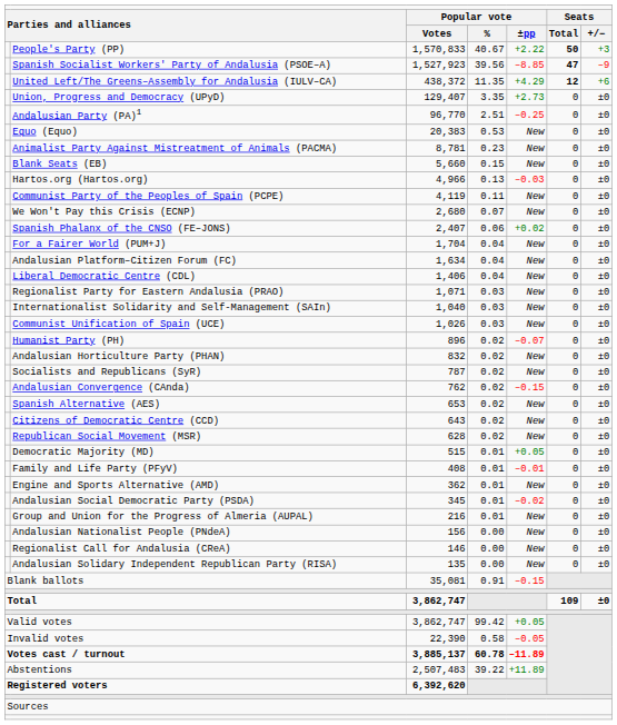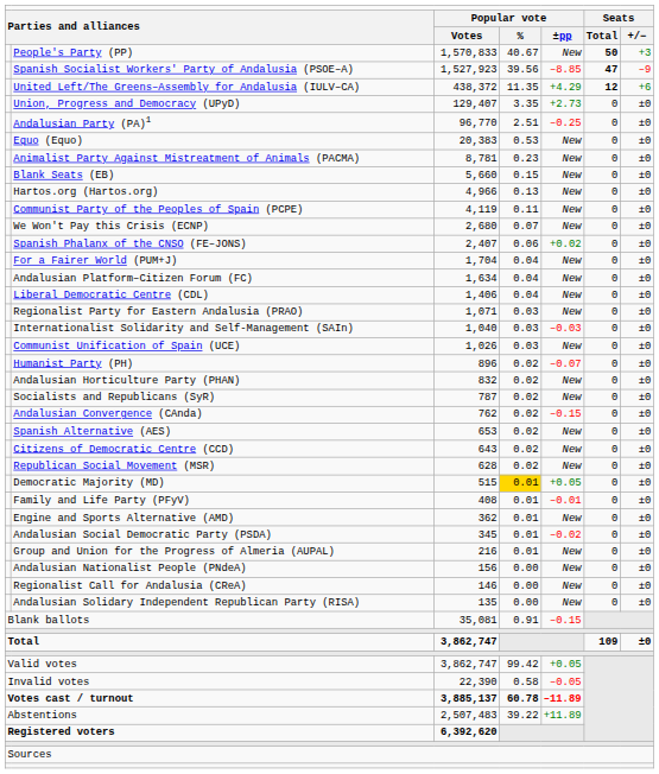 <table class="wikitable" style="text-align:right;">
 <tr>
 <td colspan="7"></td>
 </tr>
 <tr>
 <th style="text-align:left;" rowspan="2" colspan="2" width="525">Parties and alliances</th>
 <th colspan="3">Popular vote</th>
 <th colspan="2">Seats</th>
 </tr>
 <tr>
 <th width="75">Votes</th>
 <th width="45">%</th>
 <th width="45">±<a href='#'>pp</a></th>
 <th width="35">Total</th>
 <th width="35">+/−</th>
 </tr>
 <tr>
 <td width="1" style="color:inherit;background:"></td>
 <td align="left"><a href='#'>People's Party</a> (PP)</td>
 <td>1,570,833</td>
 <td>40.67</td>
-<td style="color:green;">+2.22</td>
+<td><em>New</em></td>
 <td><strong>50</strong></td>
 <td style="color:green;">+3</td>
 </tr>
 <tr>
 <td style="color:inherit;background:"></td>
 <td align="left"><a href='#'>Spanish Socialist Workers' Party of Andalusia</a> (PSOE–A)</td>
 <td>1,527,923</td>
 <td>39.56</td>
 <td style="color:red;">–8.85</td>
 <td><strong>47</strong></td>
 <td style="color:red;">–9</td>
 </tr>
 <tr>
 <td style="color:inherit;background:"></td>
 <td align="left"><a href='#'>United Left/The Greens–Assembly for Andalusia</a> (IULV–CA)</td>
 <td>438,372</td>
 <td>11.35</td>
 <td style="color:green;">+4.29</td>
 <td><strong>12</strong></td>
 <td style="color:green;">+6</td>
 </tr>
 <tr>
 <td style="color:inherit;background:"></td>
 <td align="left"><a href='#'>Union, Progress and Democracy</a> (UPyD)</td>
 <td>129,407</td>
 <td>3.35</td>
 <td style="color:green;">+2.73</td>
 <td>0</td>
 <td>±0</td>
 </tr>
 <tr>
 <td style="color:inherit;background:"></td>
 <td align="left"><a href='#'>Andalusian Party</a> (PA)<sup>1</sup></td>
 <td>96,770</td>
 <td>2.51</td>
 <td style="color:red;">–0.25</td>
 <td>0</td>
 <td>±0</td>
 </tr>
 <tr>
 <td style="color:inherit;background:"></td>
 <td align="left"><a href='#'>Equo</a> (Equo)</td>
 <td>20,383</td>
 <td>0.53</td>
 <td><em>New</em></td>
 <td>0</td>
 <td>±0</td>
 </tr>
 <tr>
 <td style="color:inherit;background:"></td>
 <td align="left"><a href='#'>Animalist Party Against Mistreatment of Animals</a> (PACMA)</td>
 <td>8,781</td>
 <td>0.23</td>
 <td><em>New</em></td>
 <td>0</td>
 <td>±0</td>
 </tr>
 <tr>
 <td style="color:inherit;background:"></td>
 <td align="left"><a href='#'>Blank Seats</a> (EB)</td>
 <td>5,660</td>
 <td>0.15</td>
 <td><em>New</em></td>
 <td>0</td>
 <td>±0</td>
 </tr>
 <tr>
 <td style="color:inherit;background:"></td>
 <td align="left">Hartos.org (Hartos.org)</td>
 <td>4,966</td>
 <td>0.13</td>
-<td style="color:red;">–0.03</td>
+<td><em>New</em></td>
 <td>0</td>
 <td>±0</td>
 </tr>
 <tr>
 <td style="color:inherit;background:"></td>
 <td align="left"><a href='#'>Communist Party of the Peoples of Spain</a> (PCPE)</td>
 <td>4,119</td>
 <td>0.11</td>
 <td><em>New</em></td>
 <td>0</td>
 <td>±0</td>
 </tr>
 <tr>
 <td style="color:inherit;background:"></td>
 <td align="left">We Won't Pay this Crisis (ECNP)</td>
 <td>2,680</td>
 <td>0.07</td>
 <td><em>New</em></td>
 <td>0</td>
 <td>±0</td>
 </tr>
 <tr>
 <td style="color:inherit;background:"></td>
 <td align="left"><a href='#'>Spanish Phalanx of the CNSO</a> (FE–JONS)</td>
 <td>2,407</td>
 <td>0.06</td>
 <td style="color:green;">+0.02</td>
 <td>0</td>
 <td>±0</td>
 </tr>
 <tr>
 <td style="color:inherit;background:"></td>
 <td align="left"><a href='#'>For a Fairer World</a> (PUM+J)</td>
 <td>1,704</td>
 <td>0.04</td>
 <td><em>New</em></td>
 <td>0</td>
 <td>±0</td>
 </tr>
 <tr>
 <td style="color:inherit;background:"></td>
 <td align="left">Andalusian Platform–Citizen Forum (FC)</td>
 <td>1,634</td>
 <td>0.04</td>
 <td><em>New</em></td>
 <td>0</td>
 <td>±0</td>
 </tr>
 <tr>
 <td style="color:inherit;background:"></td>
 <td align="left"><a href='#'>Liberal Democratic Centre</a> (CDL)</td>
 <td>1,406</td>
 <td>0.04</td>
 <td><em>New</em></td>
 <td>0</td>
 <td>±0</td>
 </tr>
 <tr>
 <td style="color:inherit;background:"></td>
 <td align="left">Regionalist Party for Eastern Andalusia (PRAO)</td>
 <td>1,071</td>
 <td>0.03</td>
 <td><em>New</em></td>
 <td>0</td>
 <td>±0</td>
 </tr>
 <tr>
 <td style="color:inherit;background:"></td>
 <td align="left">Internationalist Solidarity and Self-Management (SAIn)</td>
 <td>1,040</td>
 <td>0.03</td>
-<td><em>New</em></td>
+<td style="color:red;">–0.03</td>
 <td>0</td>
 <td>±0</td>
 </tr>
 <tr>
 <td style="color:inherit;background:"></td>
 <td align="left"><a href='#'>Communist Unification of Spain</a> (UCE)</td>
 <td>1,026</td>
 <td>0.03</td>
 <td><em>New</em></td>
 <td>0</td>
 <td>±0</td>
 </tr>
 <tr>
 <td style="color:inherit;background:"></td>
 <td align="left"><a href='#'>Humanist Party</a> (PH)</td>
 <td>896</td>
 <td>0.02</td>
 <td style="color:red;">–0.07</td>
 <td>0</td>
 <td>±0</td>
 </tr>
 <tr>
 <td style="color:inherit;background:"></td>
 <td align="left">Andalusian Horticulture Party (PHAN)</td>
 <td>832</td>
 <td>0.02</td>
 <td><em>New</em></td>
 <td>0</td>
 <td>±0</td>
 </tr>
 <tr>
 <td style="color:inherit;background:"></td>
 <td align="left">Socialists and Republicans (SyR)</td>
 <td>787</td>
 <td>0.02</td>
 <td><em>New</em></td>
 <td>0</td>
 <td>±0</td>
 </tr>
 <tr>
 <td style="color:inherit;background:"></td>
 <td align="left"><a href='#'>Andalusian Convergence</a> (CAnda)</td>
 <td>762</td>
 <td>0.02</td>
 <td style="color:red;">–0.15</td>
 <td>0</td>
 <td>±0</td>
 </tr>
 <tr>
 <td style="color:inherit;background:"></td>
 <td align="left"><a href='#'>Spanish Alternative</a> (AES)</td>
 <td>653</td>
 <td>0.02</td>
 <td><em>New</em></td>
 <td>0</td>
 <td>±0</td>
 </tr>
 <tr>
 <td style="color:inherit;background:"></td>
 <td align="left"><a href='#'>Citizens of Democratic Centre</a> (CCD)</td>
 <td>643</td>
 <td>0.02</td>
 <td><em>New</em></td>
 <td>0</td>
 <td>±0</td>
 </tr>
 <tr>
 <td style="color:inherit;background:"></td>
 <td align="left"><a href='#'>Republican Social Movement</a> (MSR)</td>
 <td>628</td>
 <td>0.02</td>
 <td><em>New</em></td>
 <td>0</td>
 <td>±0</td>
 </tr>
 <tr>
 <td style="color:inherit;background:"></td>
 <td align="left">Democratic Majority (MD)</td>
 <td>515</td>
-<td>0.01</td>
+<td style="background: gold;">0.01</td>
 <td style="color:green;">+0.05</td>
 <td>0</td>
 <td>±0</td>
 </tr>
 <tr>
 <td style="color:inherit;background:"></td>
 <td align="left">Family and Life Party (PFyV)</td>
 <td>408</td>
 <td>0.01</td>
 <td style="color:red;">–0.01</td>
 <td>0</td>
 <td>±0</td>
 </tr>
 <tr>
 <td style="color:inherit;background:"></td>
 <td align="left">Engine and Sports Alternative (AMD)</td>
 <td>362</td>
 <td>0.01</td>
 <td><em>New</em></td>
 <td>0</td>
 <td>±0</td>
 </tr>
 <tr>
 <td style="color:inherit;background:"></td>
 <td align="left">Andalusian Social Democratic Party (PSDA)</td>
 <td>345</td>
 <td>0.01</td>
 <td style="color:red;">–0.02</td>
 <td>0</td>
 <td>±0</td>
 </tr>
 <tr>
 <td style="color:inherit;background:"></td>
 <td align="left">Group and Union for the Progress of Almeria (AUPAL)</td>
 <td>216</td>
 <td>0.01</td>
 <td><em>New</em></td>
 <td>0</td>
 <td>±0</td>
 </tr>
 <tr>
 <td style="color:inherit;background:"></td>
 <td align="left">Andalusian Nationalist People (PNdeA)</td>
 <td>156</td>
 <td>0.00</td>
 <td><em>New</em></td>
 <td>0</td>
 <td>±0</td>
 </tr>
 <tr>
 <td style="color:inherit;background:"></td>
 <td align="left">Regionalist Call for Andalusia (CReA)</td>
 <td>146</td>
 <td>0.00</td>
 <td><em>New</em></td>
 <td>0</td>
 <td>±0</td>
 </tr>
 <tr>
 <td style="color:inherit;background:"></td>
 <td align="left">Andalusian Solidary Independent Republican Party (RISA)</td>
 <td>135</td>
 <td>0.00</td>
 <td><em>New</em></td>
 <td>0</td>
 <td>±0</td>
 </tr>
 <tr>
 <td align="left" colspan="2">Blank ballots</td>
 <td>35,081</td>
 <td>0.91</td>
 <td style="color:red;">–0.15</td>
 <td bgcolor="#E9E9E9" colspan="2"></td>
 </tr>
 <tr>
 <td colspan="7" bgcolor="#E9E9E9"></td>
 </tr>
 <tr style="font-weight:bold;">
 <td align="left" colspan="2">Total</td>
 <td>3,862,747</td>
 <td bgcolor="#E9E9E9" colspan="2"></td>
 <td>109</td>
 <td>±0</td>
 </tr>
 <tr>
 <td colspan="7" bgcolor="#E9E9E9"></td>
 </tr>
 <tr>
 <td align="left" colspan="2">Valid votes</td>
 <td>3,862,747</td>
 <td>99.42</td>
 <td style="color:green;">+0.05</td>
 <td bgcolor="#E9E9E9" colspan="2" rowspan="5"></td>
 </tr>
 <tr>
 <td align="left" colspan="2">Invalid votes</td>
 <td>22,390</td>
 <td>0.58</td>
 <td style="color:red;">–0.05</td>
 </tr>
 <tr style="font-weight:bold;">
 <td align="left" colspan="2">Votes cast / turnout</td>
 <td>3,885,137</td>
 <td>60.78</td>
 <td style="color:red;">–11.89</td>
 </tr>
 <tr>
 <td align="left" colspan="2">Abstentions</td>
 <td>2,507,483</td>
 <td>39.22</td>
 <td style="color:green;">+11.89</td>
 </tr>
 <tr style="font-weight:bold;">
 <td align="left" colspan="2">Registered voters</td>
 <td>6,392,620</td>
 <td bgcolor="#E9E9E9" colspan="2"></td>
 </tr>
 <tr>
 <td colspan="7" bgcolor="#E9E9E9"></td>
 </tr>
 <tr>
 <td align="left" colspan="7">Sources</td>
 </tr>
 <tr>
 <td colspan="7" style="text-align:left; max-width:790px;"></td>
 </tr>
 </table>
